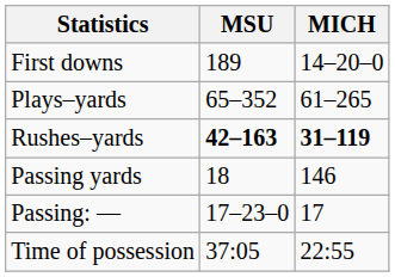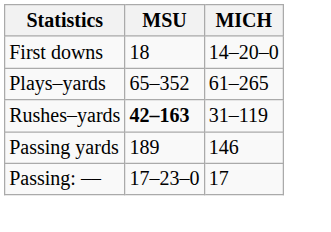 <table class="wikitable" style="float:left">
 <tr>
 <th>Statistics</th>
 <th>MSU</th>
 <th>MICH</th>
 </tr>
 <tr>
 <td>First downs</td>
-<td>189</td>
+<td>18</td>
 <td>14–20–0</td>
 </tr>
 <tr>
 <td>Plays–yards</td>
 <td>65–352</td>
 <td>61–265</td>
 </tr>
 <tr>
 <td>Rushes–yards</td>
 <td><strong>42–163</strong></td>
-<td><strong>31–119</strong></td>
+<td>31–119</td>
 </tr>
 <tr>
 <td>Passing yards</td>
-<td>18</td>
+<td>189</td>
 <td>146</td>
 </tr>
 <tr>
 <td>Passing: ––</td>
 <td>17–23–0</td>
 <td>17</td>
 </tr>
-<tr>
-<td>Time of possession</td>
-<td>37:05</td>
-<td>22:55</td>
-</tr>
 </table>
